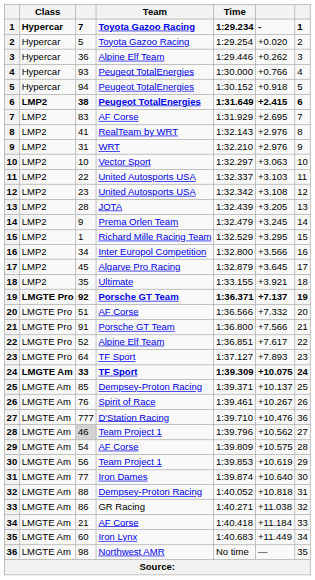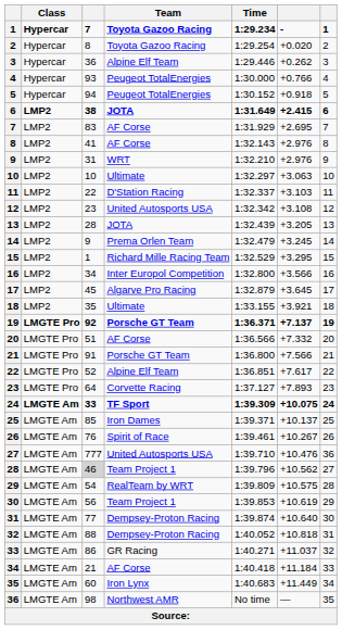 <table class="wikitable" style="font-size:85%;">
 <tr>
 <th></th>
 <th>Class</th>
 <th></th>
 <th>Team</th>
 <th>Time</th>
 <th></th>
 <th></th>
 </tr>
 <tr style="font-weight:bold">
 <th>1</th>
 <td>Hypercar</td>
 <td>7</td>
 <td> <a href='#'>Toyota Gazoo Racing</a></td>
 <td>1:29.234</td>
 <td>-</td>
 <td><strong>1</strong></td>
 </tr>
 <tr>
 <th>2</th>
 <td>Hypercar</td>
-<td>5</td>
+<td>8</td>
 <td> <a href='#'>Toyota Gazoo Racing</a></td>
 <td>1:29.254</td>
 <td>+0.020</td>
 <td>2</td>
 </tr>
 <tr>
 <th>3</th>
 <td>Hypercar</td>
 <td>36</td>
 <td> <a href='#'>Alpine Elf Team</a></td>
 <td>1:29.446</td>
 <td>+0.262</td>
 <td>3</td>
 </tr>
 <tr>
 <th>4</th>
 <td>Hypercar</td>
 <td>93</td>
 <td> <a href='#'>Peugeot TotalEnergies</a></td>
 <td>1:30.000</td>
 <td>+0.766</td>
 <td>4</td>
 </tr>
 <tr>
 <th>5</th>
 <td>Hypercar</td>
 <td>94</td>
 <td> <a href='#'>Peugeot TotalEnergies</a></td>
 <td>1:30.152</td>
 <td>+0.918</td>
 <td>5</td>
 </tr>
 <tr style="font-weight:bold">
 <th>6</th>
 <td>LMP2</td>
 <td>38</td>
-<td> <a href='#'>Peugeot TotalEnergies</a></td>
+<td> <a href='#'>JOTA</a></td>
 <td>1:31.649</td>
 <td>+2.415</td>
 <td>6</td>
 </tr>
 <tr>
 <th>7</th>
 <td>LMP2</td>
 <td>83</td>
 <td> <a href='#'>AF Corse</a></td>
 <td>1:31.929</td>
 <td>+2.695</td>
 <td>7</td>
 </tr>
 <tr>
 <th>8</th>
 <td>LMP2</td>
 <td>41</td>
-<td> <a href='#'>RealTeam by WRT</a></td>
+<td> <a href='#'>AF Corse</a></td>
 <td>1:32.143</td>
 <td>+2.976</td>
 <td>8</td>
 </tr>
 <tr>
 <th>9</th>
 <td>LMP2</td>
 <td>31</td>
 <td> <a href='#'>WRT</a></td>
 <td>1:32.210</td>
 <td>+2.976</td>
 <td>9</td>
 </tr>
 <tr>
 <th>10</th>
 <td>LMP2</td>
 <td>10</td>
-<td> <a href='#'>Vector Sport</a></td>
+<td> <a href='#'>Ultimate</a></td>
 <td>1:32.297</td>
 <td>+3.063</td>
 <td>10</td>
 </tr>
 <tr>
 <th>11</th>
 <td>LMP2</td>
 <td>22</td>
-<td> <a href='#'>United Autosports USA</a></td>
+<td> <a href='#'>D'Station Racing</a></td>
 <td>1:32.337</td>
 <td>+3.103</td>
 <td>11</td>
 </tr>
 <tr>
 <th>12</th>
 <td>LMP2</td>
 <td>23</td>
 <td> <a href='#'>United Autosports USA</a></td>
 <td>1:32.342</td>
 <td>+3.108</td>
 <td>12</td>
 </tr>
 <tr>
 <th>13</th>
 <td>LMP2</td>
 <td>28</td>
 <td> <a href='#'>JOTA</a></td>
 <td>1:32.439</td>
 <td>+3.205</td>
 <td>13</td>
 </tr>
 <tr>
 <th>14</th>
 <td>LMP2</td>
 <td>9</td>
 <td> <a href='#'>Prema Orlen Team</a></td>
 <td>1:32.479</td>
 <td>+3.245</td>
 <td>14</td>
 </tr>
 <tr>
 <th>15</th>
 <td>LMP2</td>
 <td>1</td>
 <td> <a href='#'>Richard Mille Racing Team</a></td>
 <td>1:32.529</td>
 <td>+3.295</td>
 <td>15</td>
 </tr>
 <tr>
 <th>16</th>
 <td>LMP2</td>
 <td>34</td>
 <td> <a href='#'>Inter Europol Competition</a></td>
 <td>1:32.800</td>
 <td>+3.566</td>
 <td>16</td>
 </tr>
 <tr>
 <th>17</th>
 <td>LMP2</td>
 <td>45</td>
 <td> <a href='#'>Algarve Pro Racing</a></td>
 <td>1:32.879</td>
 <td>+3.645</td>
 <td>17</td>
 </tr>
 <tr>
 <th>18</th>
 <td>LMP2</td>
 <td>35</td>
 <td> <a href='#'>Ultimate</a></td>
 <td>1:33.155</td>
 <td>+3.921</td>
 <td>18</td>
 </tr>
 <tr style="font-weight:bold">
 <th>19</th>
 <td>LMGTE Pro</td>
 <td>92</td>
 <td> <a href='#'>Porsche GT Team</a></td>
 <td>1:36.371</td>
 <td>+7.137</td>
 <td>19</td>
 </tr>
 <tr>
 <th>20</th>
 <td>LMGTE Pro</td>
 <td>51</td>
 <td> <a href='#'>AF Corse</a></td>
 <td>1:36.566</td>
 <td>+7.332</td>
 <td>20</td>
 </tr>
 <tr>
 <th>21</th>
 <td>LMGTE Pro</td>
 <td>91</td>
 <td> <a href='#'>Porsche GT Team</a></td>
 <td>1:36.800</td>
 <td>+7.566</td>
 <td>21</td>
 </tr>
 <tr>
 <th>22</th>
 <td>LMGTE Pro</td>
 <td>52</td>
 <td> <a href='#'>Alpine Elf Team</a></td>
 <td>1:36.851</td>
 <td>+7.617</td>
 <td>22</td>
 </tr>
 <tr>
 <th>23</th>
 <td>LMGTE Pro</td>
 <td>64</td>
-<td> <a href='#'>TF Sport</a></td>
+<td> <a href='#'>Corvette Racing</a></td>
 <td>1:37.127</td>
 <td>+7.893</td>
 <td>23</td>
 </tr>
 <tr style="font-weight:bold">
 <th>24</th>
 <td>LMGTE Am</td>
 <td>33</td>
 <td> <a href='#'>TF Sport</a></td>
 <td>1:39.309</td>
 <td>+10.075</td>
 <td>24</td>
 </tr>
 <tr>
 <th>25</th>
 <td>LMGTE Am</td>
 <td>85</td>
-<td> <a href='#'>Dempsey-Proton Racing</a></td>
+<td> <a href='#'>Iron Dames</a></td>
 <td>1:39.371</td>
 <td>+10.137</td>
 <td>25</td>
 </tr>
 <tr>
 <th>26</th>
 <td>LMGTE Am</td>
 <td>76</td>
 <td> <a href='#'>Spirit of Race</a></td>
 <td>1:39.461</td>
 <td>+10.267</td>
 <td>26</td>
 </tr>
 <tr>
 <th>27</th>
 <td>LMGTE Am</td>
 <td>777</td>
-<td> <a href='#'>D'Station Racing</a></td>
+<td> <a href='#'>United Autosports USA</a></td>
 <td>1:39.710</td>
 <td>+10.476</td>
 <td>36</td>
 </tr>
 <tr>
 <th>28</th>
 <td>LMGTE Am</td>
 <td style="background: lightgrey;">46</td>
 <td> <a href='#'>Team Project 1</a></td>
 <td>1:39.796</td>
 <td>+10.562</td>
 <td>27</td>
 </tr>
 <tr>
 <th>29</th>
 <td>LMGTE Am</td>
 <td>54</td>
-<td> <a href='#'>AF Corse</a></td>
+<td> <a href='#'>RealTeam by WRT</a></td>
 <td>1:39.809</td>
 <td>+10.575</td>
 <td>28</td>
 </tr>
 <tr>
 <th>30</th>
 <td>LMGTE Am</td>
 <td>56</td>
 <td> <a href='#'>Team Project 1</a></td>
 <td>1:39.853</td>
 <td>+10.619</td>
 <td>29</td>
 </tr>
 <tr>
 <th>31</th>
 <td>LMGTE Am</td>
 <td>77</td>
-<td> <a href='#'>Iron Dames</a></td>
+<td> <a href='#'>Dempsey-Proton Racing</a></td>
 <td>1:39.874</td>
 <td>+10.640</td>
 <td>30</td>
 </tr>
 <tr>
 <th>32</th>
 <td>LMGTE Am</td>
 <td>88</td>
 <td> <a href='#'>Dempsey-Proton Racing</a></td>
 <td>1:40.052</td>
 <td>+10.818</td>
 <td>31</td>
 </tr>
 <tr>
 <th>33</th>
 <td>LMGTE Am</td>
 <td>86</td>
 <td> GR Racing</td>
 <td>1:40.271</td>
-<td>+11.038</td>
+<td>+11.037</td>
 <td>32</td>
 </tr>
 <tr>
 <th>34</th>
 <td>LMGTE Am</td>
 <td>21</td>
 <td> <a href='#'>AF Corse</a></td>
 <td>1:40.418</td>
 <td>+11.184</td>
 <td>33</td>
 </tr>
 <tr>
 <th>35</th>
 <td>LMGTE Am</td>
 <td>60</td>
 <td> <a href='#'>Iron Lynx</a></td>
 <td>1:40.683</td>
 <td>+11.449</td>
 <td>34</td>
 </tr>
 <tr>
 <th>36</th>
 <td>LMGTE Am</td>
 <td>98</td>
 <td> <a href='#'>Northwest AMR</a></td>
 <td>No time</td>
 <td>—</td>
 <td>35</td>
 </tr>
 <tr>
 <th colspan="7">Source:</th>
 </tr>
 </table>
